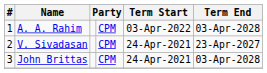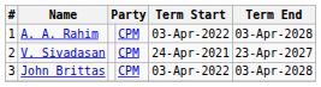 <table class="wikitable sortable">
 <tr>
 <th>#</th>
 <th>Name</th>
 <th colspan="2">Party</th>
 <th>Term Start</th>
 <th>Term End</th>
 </tr>
 <tr>
 <td>1</td>
 <td><a href='#'>A. A. Rahim</a></td>
 <td style="background-color: "></td>
 <td><a href='#'>CPM</a></td>
 <td>03-Apr-2022</td>
 <td>03-Apr-2028</td>
 </tr>
 <tr>
 <td>2</td>
 <td><a href='#'>V. Sivadasan</a></td>
 <td style="background-color: "></td>
 <td><a href='#'>CPM</a></td>
 <td>24-Apr-2021</td>
 <td>23-Apr-2027</td>
 </tr>
 <tr>
 <td>3</td>
 <td><a href='#'>John Brittas</a></td>
 <td style="background-color: "></td>
 <td><a href='#'>CPM</a></td>
-<td>24-Apr-2021</td>
+<td>03-Apr-2022</td>
 <td>03-Apr-2028</td>
 </tr>
 <tr>
 </tr>
 </table>
